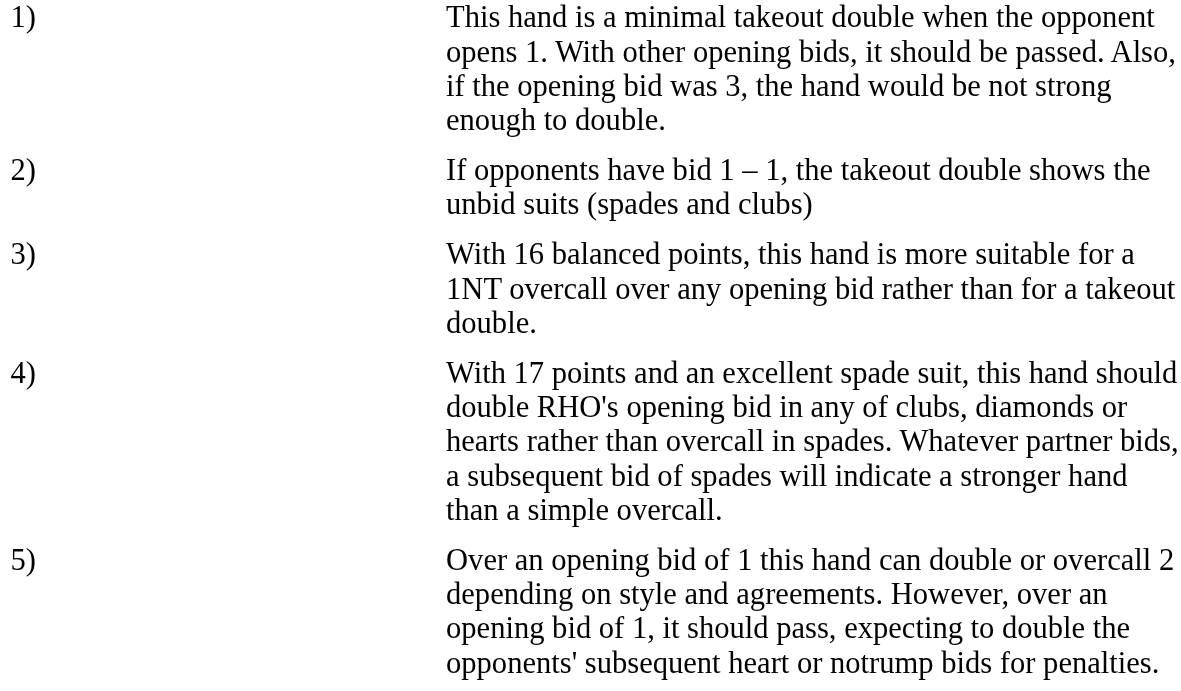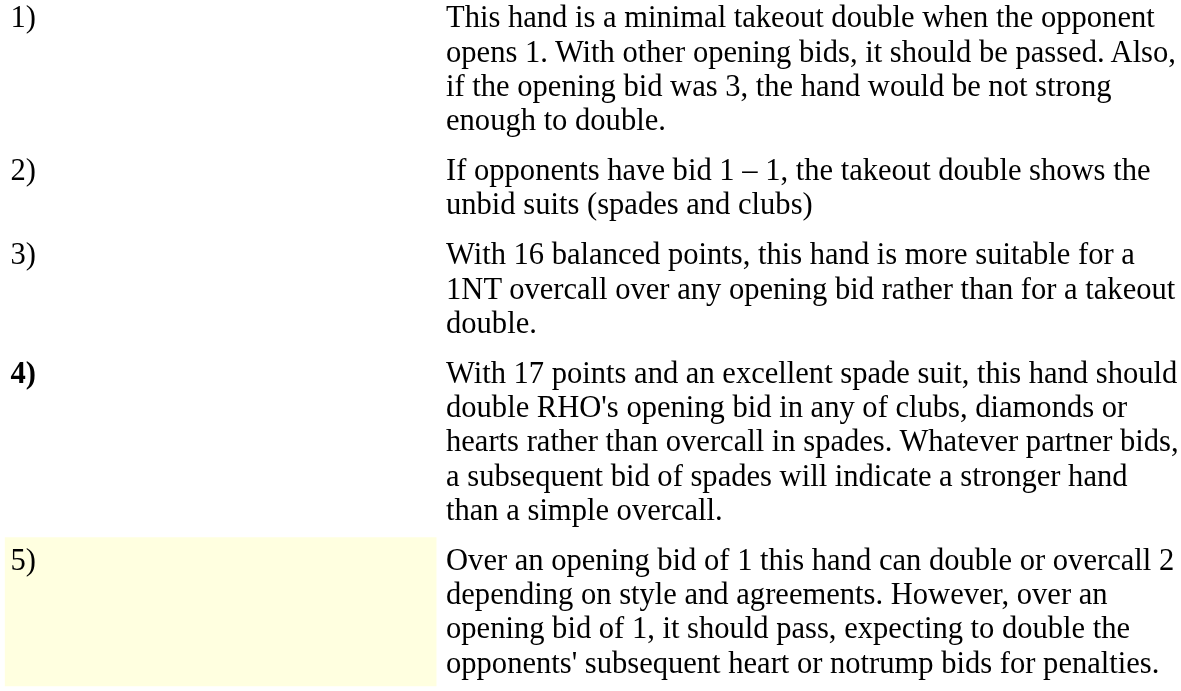 <table border="0" cellpadding="3">
 <tr>
 <td width="220" valign="top">1) </td>
 <td>This hand is a minimal takeout double when the opponent opens 1. With other opening bids, it should be passed. Also, if the opening bid was 3, the hand would be not strong enough to double.</td>
 </tr>
 <tr>
 <td width="220" valign="top">2) </td>
 <td>If opponents have bid 1 – 1, the takeout double shows the unbid suits (spades and clubs)</td>
 </tr>
 <tr>
 <td width="220" valign="top">3) </td>
 <td>With 16 balanced points, this hand is more suitable for a 1NT overcall over any opening bid rather than for a takeout double.</td>
 </tr>
 <tr>
-<td width="220" valign="top">4) </td>
+<td width="220" valign="top"><strong>4) </strong></td>
 <td>With 17 points and an excellent spade suit, this hand should double RHO's opening bid in any of clubs, diamonds or hearts rather than overcall in spades. Whatever partner bids, a subsequent bid of spades will indicate a stronger hand than a simple overcall.</td>
 </tr>
 <tr>
-<td width="220" valign="top">5) </td>
+<td width="220" valign="top" style="background: lightyellow;">5) </td>
 <td>Over an opening bid of 1 this hand can double or overcall 2 depending on style and agreements. However, over an opening bid of 1, it should pass, expecting to double the opponents' subsequent heart or notrump bids for penalties.</td>
 </tr>
 </table>
